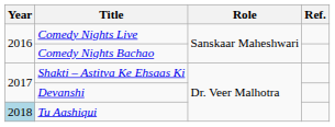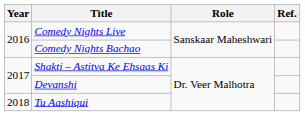 <table class="wikitable sortable">
 <tr>
 <th>Year</th>
 <th>Title</th>
 <th>Role</th>
 <th class="unsortable">Ref.</th>
 </tr>
 <tr>
 <td rowspan="2">2016</td>
 <td><em><a href='#'>Comedy Nights Live</a></em></td>
 <td rowspan="2">Sanskaar Maheshwari</td>
 <td></td>
 </tr>
 <tr>
 <td><em><a href='#'>Comedy Nights Bachao</a></em></td>
 <td></td>
 </tr>
 <tr>
 <td rowspan="2">2017</td>
 <td><em><a href='#'>Shakti – Astitva Ke Ehsaas Ki</a></em></td>
 <td rowspan="3">Dr. Veer Malhotra</td>
 <td></td>
 </tr>
 <tr>
 <td><em><a href='#'>Devanshi</a></em></td>
 <td></td>
 </tr>
 <tr>
-<td style="background: lightblue;">2018</td>
+<td>2018</td>
 <td><em><a href='#'>Tu Aashiqui</a></em></td>
 <td></td>
 </tr>
 </table>
